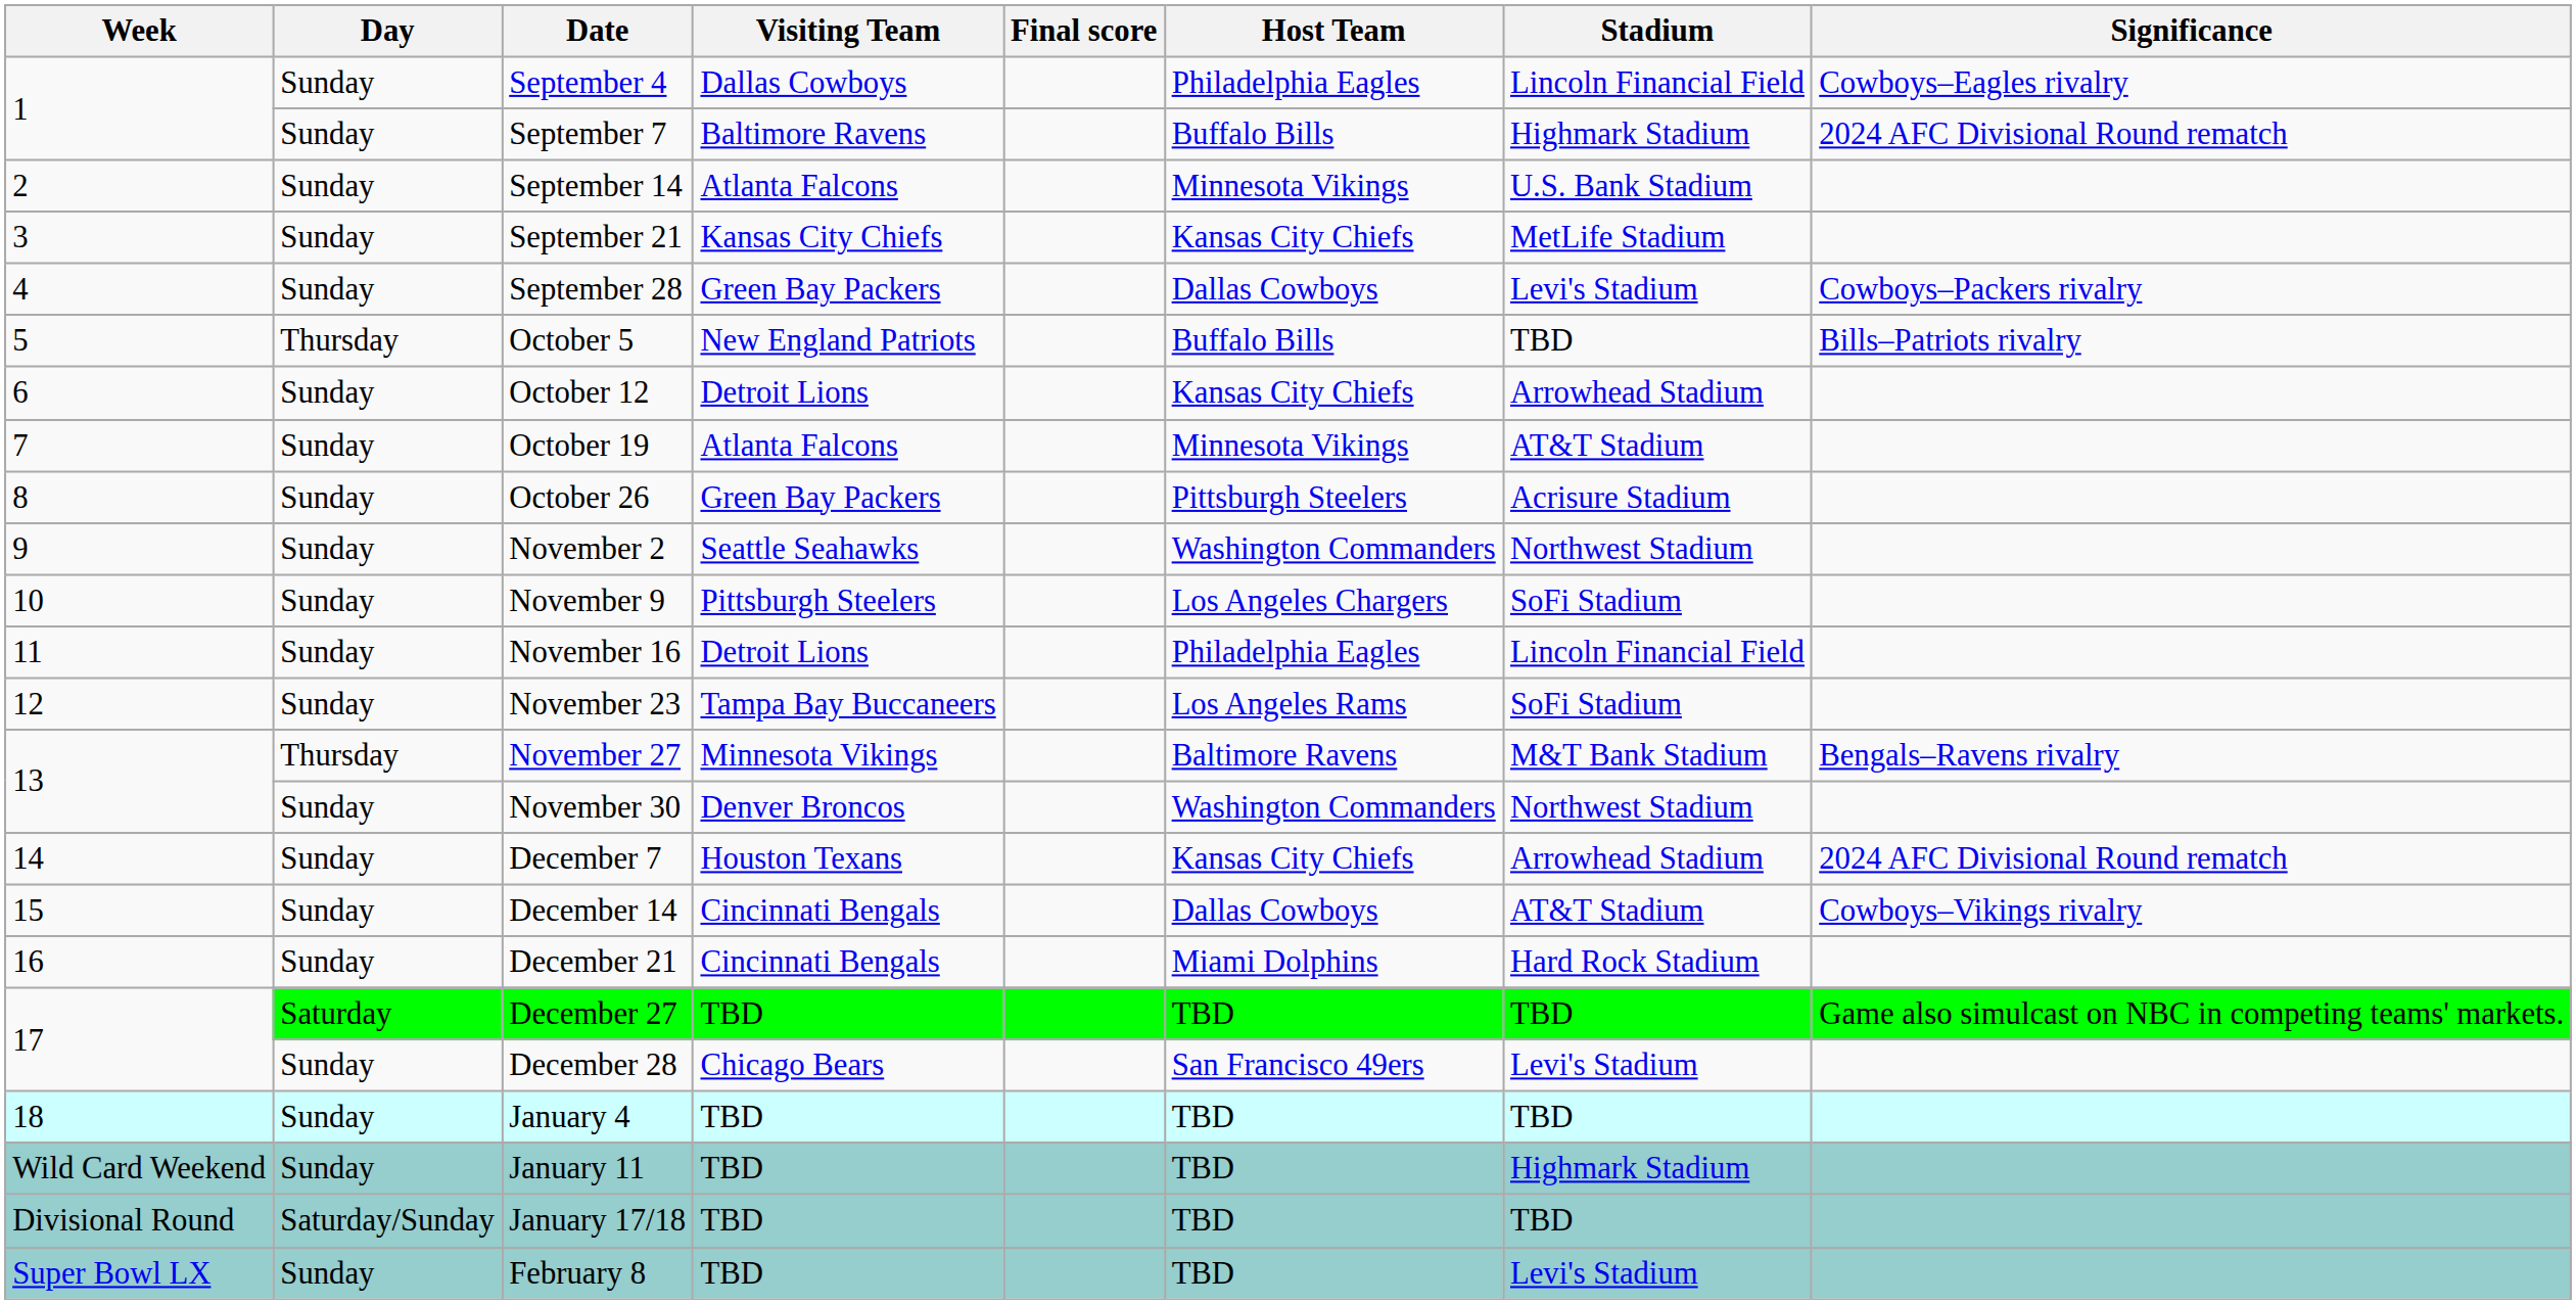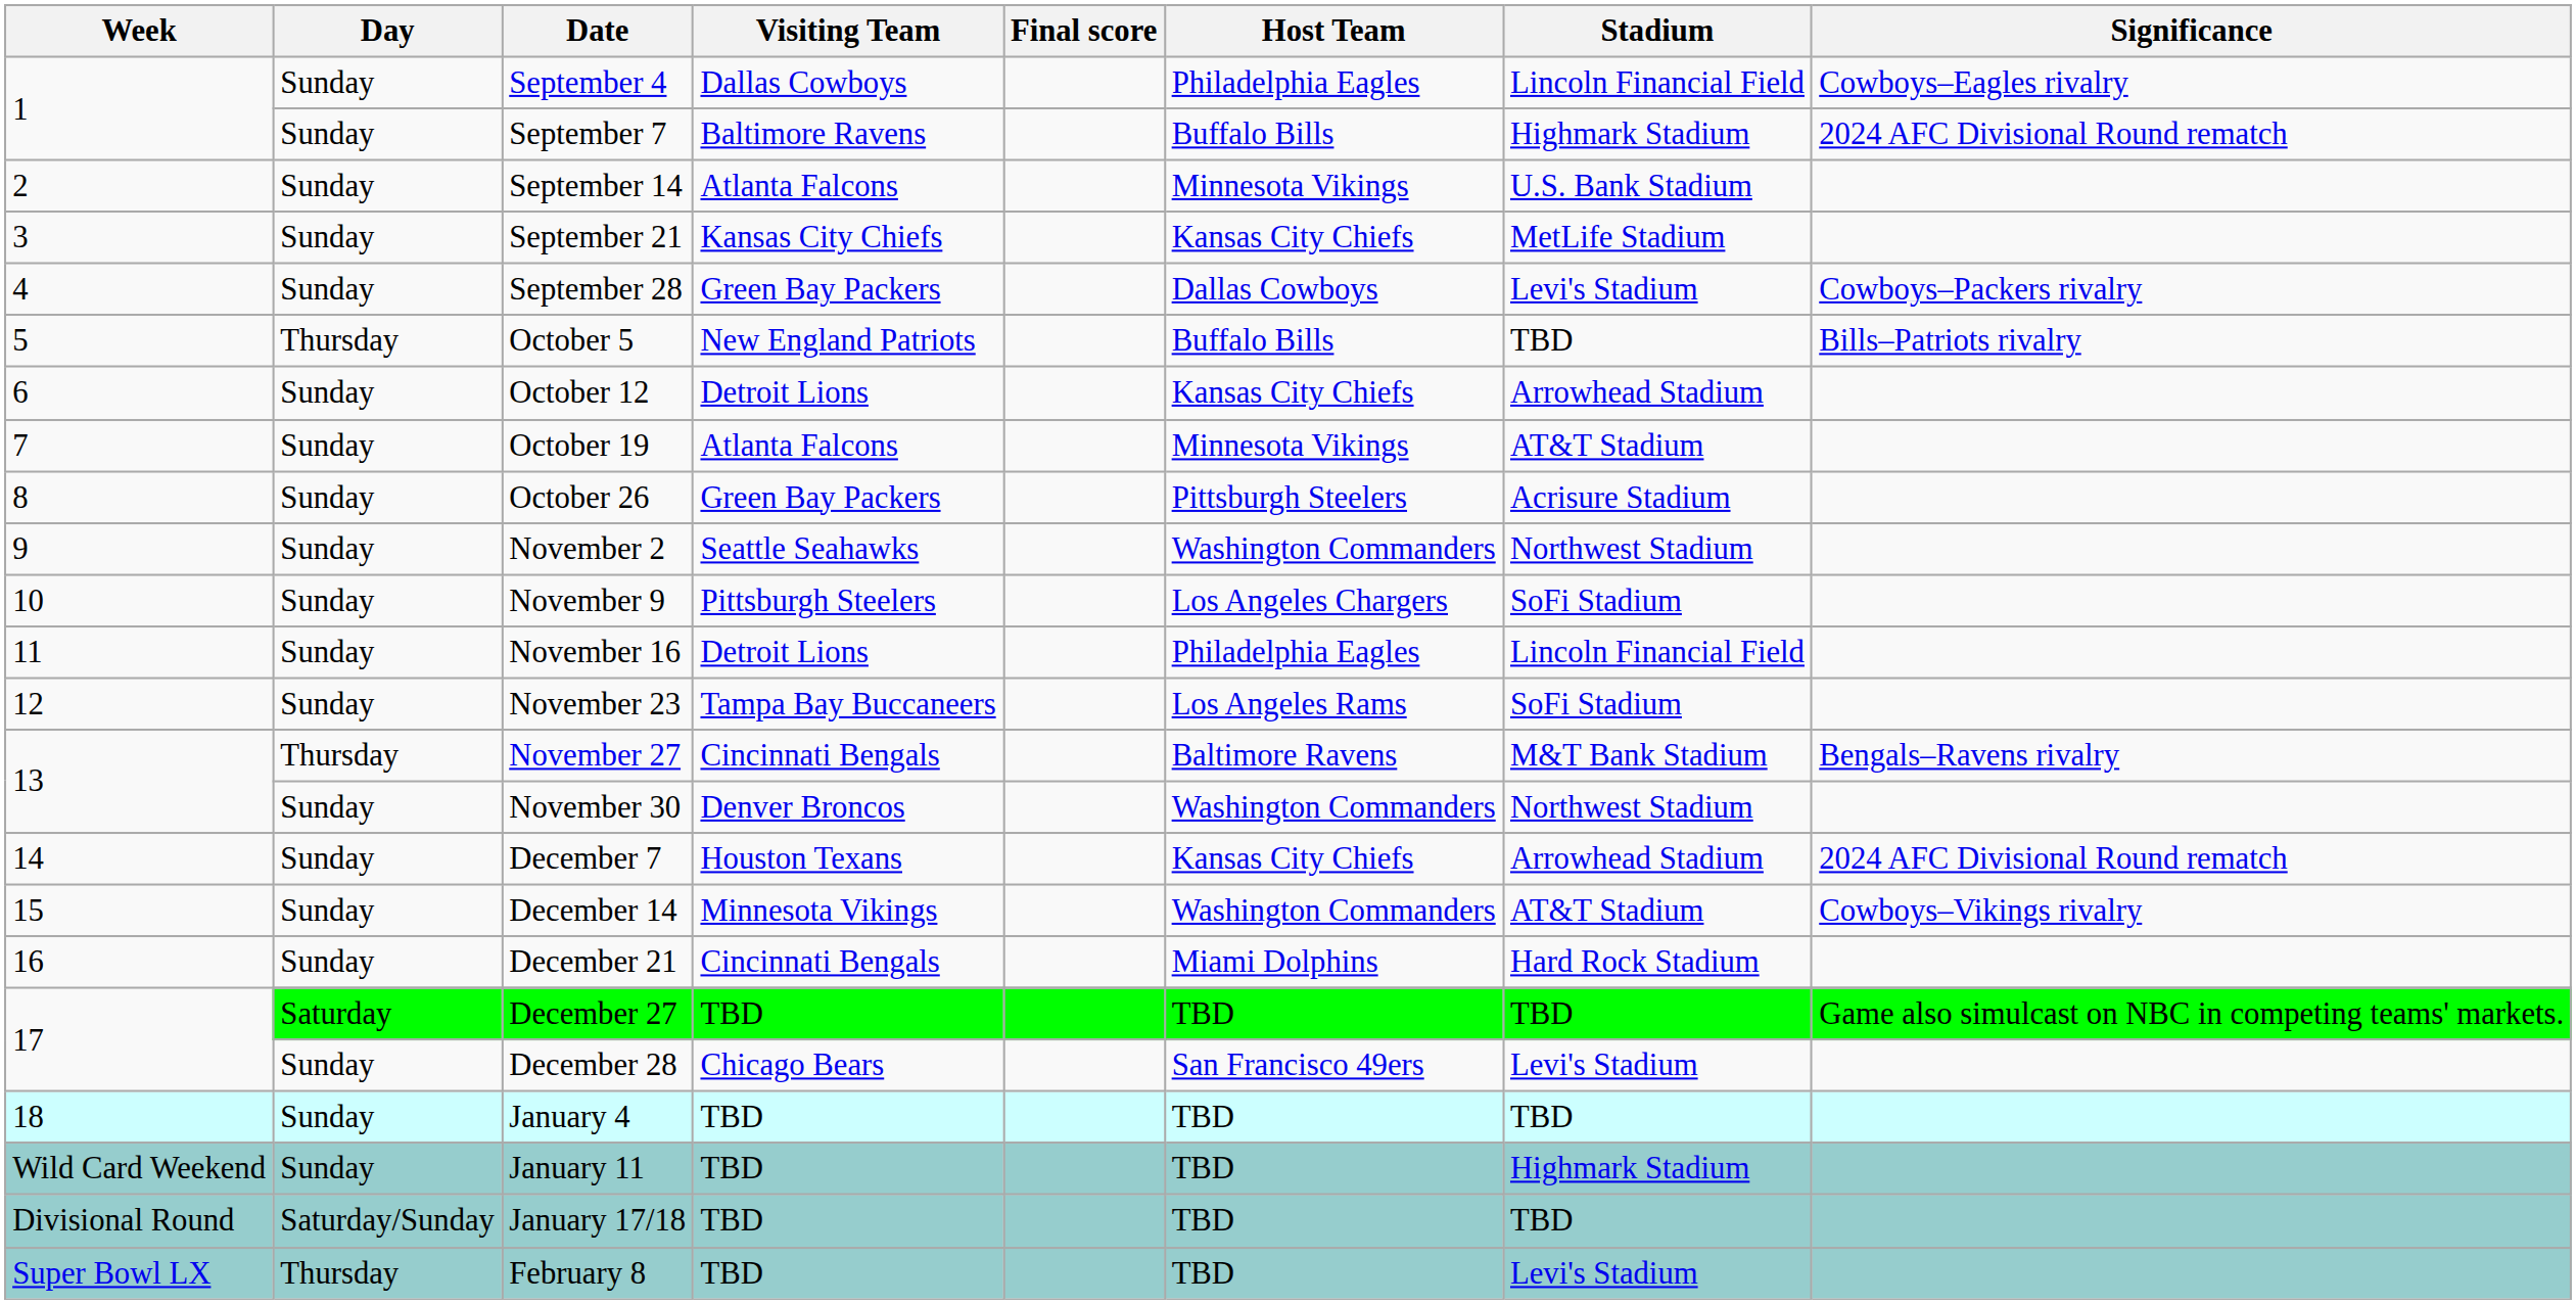 <table class="wikitable" style="font-size: 95%;">
 <tr>
 <th>Week</th>
 <th>Day</th>
 <th>Date</th>
 <th>Visiting Team</th>
 <th>Final score</th>
 <th>Host Team</th>
 <th>Stadium</th>
 <th>Significance</th>
 </tr>
 <tr>
 <td rowspan="2">1</td>
 <td>Sunday</td>
 <td><a href='#'>September 4</a></td>
 <td><a href='#'>Dallas Cowboys</a></td>
 <td align="center"></td>
 <td><a href='#'>Philadelphia Eagles</a></td>
 <td><a href='#'>Lincoln Financial Field</a></td>
 <td><a href='#'>Cowboys–Eagles rivalry</a></td>
 </tr>
 <tr>
 <td>Sunday</td>
 <td>September 7</td>
 <td><a href='#'>Baltimore Ravens</a></td>
 <td align="center"></td>
 <td><a href='#'>Buffalo Bills</a></td>
 <td><a href='#'>Highmark Stadium</a></td>
 <td><a href='#'>2024 AFC Divisional Round rematch</a></td>
 </tr>
 <tr>
 <td>2</td>
 <td>Sunday</td>
 <td>September 14</td>
 <td><a href='#'>Atlanta Falcons</a></td>
 <td align="center"></td>
 <td><a href='#'>Minnesota Vikings</a></td>
 <td><a href='#'>U.S. Bank Stadium</a></td>
 <td></td>
 </tr>
 <tr>
 <td>3</td>
 <td>Sunday</td>
 <td>September 21</td>
 <td><a href='#'>Kansas City Chiefs</a></td>
 <td align="center"></td>
 <td><a href='#'>Kansas City Chiefs</a></td>
 <td><a href='#'>MetLife Stadium</a></td>
 <td></td>
 </tr>
 <tr>
 <td>4</td>
 <td>Sunday</td>
 <td>September 28</td>
 <td><a href='#'>Green Bay Packers</a></td>
 <td align="center"></td>
 <td><a href='#'>Dallas Cowboys</a></td>
 <td><a href='#'>Levi's Stadium</a></td>
 <td><a href='#'>Cowboys–Packers rivalry</a></td>
 </tr>
 <tr>
 <td>5</td>
 <td>Thursday</td>
 <td>October 5</td>
 <td><a href='#'>New England Patriots</a></td>
 <td align="center"></td>
 <td><a href='#'>Buffalo Bills</a></td>
 <td>TBD</td>
 <td><a href='#'>Bills–Patriots rivalry</a></td>
 </tr>
 <tr>
 <td>6</td>
 <td>Sunday</td>
 <td>October 12</td>
 <td><a href='#'>Detroit Lions</a></td>
 <td align="center"></td>
 <td><a href='#'>Kansas City Chiefs</a></td>
 <td><a href='#'>Arrowhead Stadium</a></td>
 <td></td>
 </tr>
 <tr>
 <td>7</td>
 <td>Sunday</td>
 <td>October 19</td>
 <td><a href='#'>Atlanta Falcons</a></td>
 <td align="center"></td>
 <td><a href='#'>Minnesota Vikings</a></td>
 <td><a href='#'>AT&T Stadium</a></td>
 <td></td>
 </tr>
 <tr>
 <td>8</td>
 <td>Sunday</td>
 <td>October 26</td>
 <td><a href='#'>Green Bay Packers</a></td>
 <td align="center"></td>
 <td><a href='#'>Pittsburgh Steelers</a></td>
 <td><a href='#'>Acrisure Stadium</a></td>
 <td></td>
 </tr>
 <tr>
 <td>9</td>
 <td>Sunday</td>
 <td>November 2</td>
 <td><a href='#'>Seattle Seahawks</a></td>
 <td align="center"></td>
 <td><a href='#'>Washington Commanders</a></td>
 <td><a href='#'>Northwest Stadium</a></td>
 <td></td>
 </tr>
 <tr>
 <td>10</td>
 <td>Sunday</td>
 <td>November 9</td>
 <td><a href='#'>Pittsburgh Steelers</a></td>
 <td align="center"></td>
 <td><a href='#'>Los Angeles Chargers</a></td>
 <td><a href='#'>SoFi Stadium</a></td>
 <td></td>
 </tr>
 <tr>
 <td>11</td>
 <td>Sunday</td>
 <td>November 16</td>
 <td><a href='#'>Detroit Lions</a></td>
 <td align="center"></td>
 <td><a href='#'>Philadelphia Eagles</a></td>
 <td><a href='#'>Lincoln Financial Field</a></td>
 <td></td>
 </tr>
 <tr>
 <td>12</td>
 <td>Sunday</td>
 <td>November 23</td>
 <td><a href='#'>Tampa Bay Buccaneers</a></td>
 <td align="center"></td>
 <td><a href='#'>Los Angeles Rams</a></td>
 <td><a href='#'>SoFi Stadium</a></td>
 <td></td>
 </tr>
 <tr>
 <td rowspan="2">13</td>
 <td>Thursday</td>
 <td><a href='#'>November 27</a></td>
-<td><a href='#'>Minnesota Vikings</a></td>
+<td><a href='#'>Cincinnati Bengals</a></td>
 <td align="center"></td>
 <td><a href='#'>Baltimore Ravens</a></td>
 <td><a href='#'>M&T Bank Stadium</a></td>
 <td><a href='#'>Bengals–Ravens rivalry</a></td>
 </tr>
 <tr>
 <td>Sunday</td>
 <td>November 30</td>
 <td><a href='#'>Denver Broncos</a></td>
 <td align="center"></td>
 <td><a href='#'>Washington Commanders</a></td>
 <td><a href='#'>Northwest Stadium</a></td>
 <td></td>
 </tr>
 <tr>
 <td>14</td>
 <td>Sunday</td>
 <td>December 7</td>
 <td><a href='#'>Houston Texans</a></td>
 <td align="center"></td>
 <td><a href='#'>Kansas City Chiefs</a></td>
 <td><a href='#'>Arrowhead Stadium</a></td>
 <td><a href='#'>2024 AFC Divisional Round rematch</a></td>
 </tr>
 <tr>
 <td>15</td>
 <td>Sunday</td>
 <td>December 14</td>
-<td><a href='#'>Cincinnati Bengals</a></td>
+<td><a href='#'>Minnesota Vikings</a></td>
 <td align="center"></td>
-<td><a href='#'>Dallas Cowboys</a></td>
+<td><a href='#'>Washington Commanders</a></td>
 <td><a href='#'>AT&T Stadium</a></td>
 <td><a href='#'>Cowboys–Vikings rivalry</a></td>
 </tr>
 <tr>
 <td>16</td>
 <td>Sunday</td>
 <td>December 21</td>
 <td><a href='#'>Cincinnati Bengals</a></td>
 <td align="center"></td>
 <td><a href='#'>Miami Dolphins</a></td>
 <td><a href='#'>Hard Rock Stadium</a></td>
 <td></td>
 </tr>
 <tr>
 <td rowspan="3">17</td>
 </tr>
 <tr bgcolor="00ff00">
 <td>Saturday</td>
 <td>December 27</td>
 <td>TBD</td>
 <td align="center"></td>
 <td>TBD</td>
 <td>TBD</td>
 <td>Game also simulcast on NBC in competing teams' markets.</td>
 </tr>
 <tr>
 <td>Sunday</td>
 <td>December 28</td>
 <td><a href='#'>Chicago Bears</a></td>
 <td align="center"></td>
 <td><a href='#'>San Francisco 49ers</a></td>
 <td><a href='#'>Levi's Stadium</a></td>
 <td></td>
 </tr>
 <tr bgcolor="#ccffff">
 <td>18</td>
 <td>Sunday</td>
 <td>January 4</td>
 <td>TBD</td>
 <td align="center"></td>
 <td>TBD</td>
 <td>TBD</td>
 <td></td>
 </tr>
 <tr bgcolor="96cdcd">
 <td>Wild Card Weekend</td>
 <td>Sunday</td>
 <td>January 11</td>
 <td>TBD</td>
 <td align="center"></td>
 <td>TBD</td>
 <td><a href='#'>Highmark Stadium</a></td>
 <td></td>
 </tr>
 <tr bgcolor="96cdcd">
 <td>Divisional Round</td>
 <td>Saturday/Sunday</td>
 <td>January 17/18</td>
 <td>TBD</td>
 <td align="center"></td>
 <td>TBD</td>
 <td>TBD</td>
 <td></td>
 </tr>
 <tr bgcolor="96cdcd">
 <td><a href='#'>Super Bowl LX</a></td>
-<td>Sunday</td>
+<td>Thursday</td>
 <td>February 8</td>
 <td>TBD</td>
 <td align="center"></td>
 <td>TBD</td>
 <td><a href='#'>Levi's Stadium</a></td>
 <td></td>
 </tr>
 </table>
